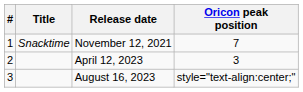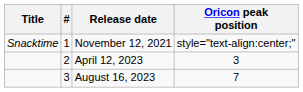 <table class="wikitable">
 <tr>
+<th>Title</th>
 <th>#</th>
-<th>Title</th>
 <th>Release date</th>
 <th><a href='#'>Oricon</a> peak<br>position</th>
 </tr>
 <tr>
+<td><em>Snacktime</em></td>
 <td>1</td>
-<td><em>Snacktime</em></td>
 <td>November 12, 2021</td>
-<td style="text-align:center;">7</td>
+<td>style="text-align:center;" </td>
 </tr>
 <tr>
+<td></td>
 <td>2</td>
-<td></td>
 <td>April 12, 2023</td>
 <td style="text-align:center;">3</td>
 </tr>
 <tr>
+<td></td>
 <td>3</td>
-<td></td>
 <td>August 16, 2023</td>
-<td>style="text-align:center;" </td>
+<td style="text-align:center;">7</td>
 </tr>
 </table>
